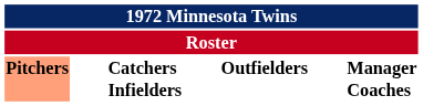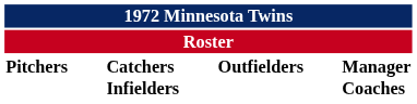 <table class="toccolours" style="font-size: 95%;">
 <tr>
 <th colspan="10" style="background-color: #072764; color: white; text-align: center;">1972 Minnesota Twins</th>
 </tr>
 <tr>
 <td colspan="10" style="background-color: #c6011f; color: white; text-align: center;"><strong>Roster</strong></td>
 </tr>
 <tr>
-<td valign="top" style="background: lightsalmon;"><strong>Pitchers</strong><br>           </td>
+<td valign="top"><strong>Pitchers</strong><br>           </td>
 <td width="25px"></td>
 <td valign="top"><strong>Catchers</strong><br>    <strong>Infielders</strong>        </td>
 <td width="25px"></td>
 <td valign="top"><strong>Outfielders</strong><br>        </td>
 <td width="25px"></td>
 <td valign="top"><strong>Manager</strong><br>  <strong>Coaches</strong>     </td>
 </tr>
 <tr>
 </tr>
 </table>
